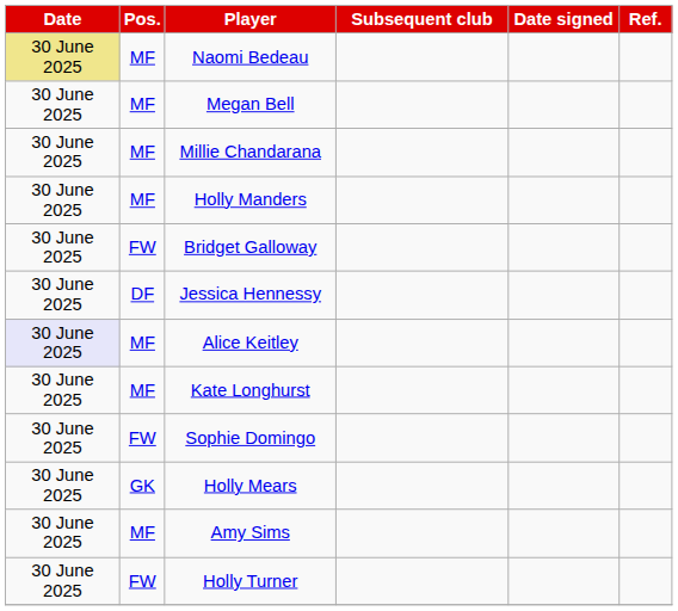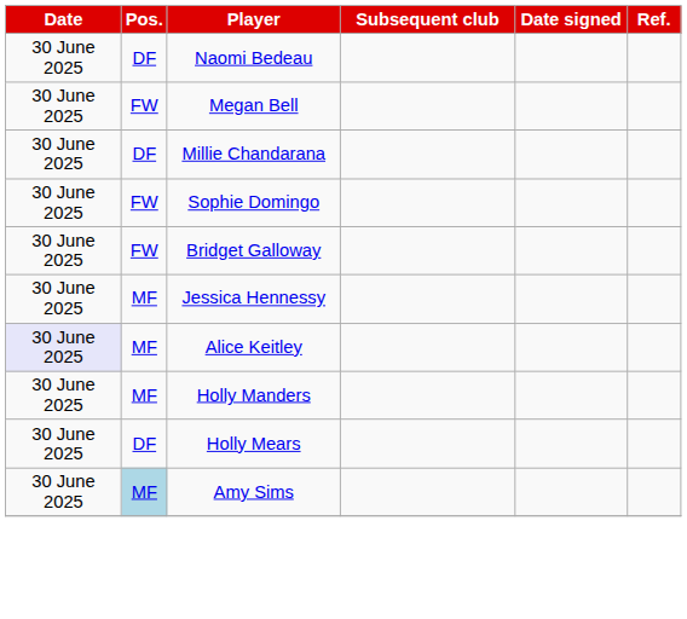 <table class="wikitable" style="text-align:center;">
 <tr>
 <th style="background:#DD0000; color:#FFFFFF; width:150px;">Date</th>
 <th style="background:#DD0000; color:#FFFFFF; width:20px;">Pos.</th>
 <th style="background:#DD0000; color:#FFFFFF; width:200px;">Player</th>
 <th style="background:#DD0000; color:#FFFFFF; width:200px;">Subsequent club</th>
 <th style="background:#DD0000; color:#FFFFFF; width:130px;">Date signed</th>
 <th style="background:#DD0000; color:#FFFFFF; width:50px;">Ref.</th>
 </tr>
 <tr>
-<td style="background: khaki;">30 June 2025</td>
-<td><a href='#'>MF</a></td>
+<td>30 June 2025</td>
+<td><a href='#'>DF</a></td>
 <td><a href='#'>Naomi Bedeau</a></td>
 <td></td>
 <td></td>
 <td></td>
 </tr>
 <tr>
 <td>30 June 2025</td>
-<td><a href='#'>MF</a></td>
+<td><a href='#'>FW</a></td>
 <td><a href='#'>Megan Bell</a></td>
 <td></td>
 <td></td>
 <td></td>
 </tr>
 <tr>
 <td>30 June 2025</td>
-<td><a href='#'>MF</a></td>
+<td><a href='#'>DF</a></td>
 <td><a href='#'>Millie Chandarana</a></td>
 <td></td>
 <td></td>
 <td></td>
 </tr>
 <tr>
 <td>30 June 2025</td>
-<td><a href='#'>MF</a></td>
-<td><a href='#'>Holly Manders</a></td>
+<td><a href='#'>FW</a></td>
+<td><a href='#'>Sophie Domingo</a></td>
 <td></td>
 <td></td>
 <td></td>
 </tr>
 <tr>
 <td>30 June 2025</td>
 <td><a href='#'>FW</a></td>
 <td><a href='#'>Bridget Galloway</a></td>
 <td></td>
 <td></td>
 <td></td>
 </tr>
 <tr>
 <td>30 June 2025</td>
-<td><a href='#'>DF</a></td>
+<td><a href='#'>MF</a></td>
 <td><a href='#'>Jessica Hennessy</a></td>
 <td></td>
 <td></td>
 <td></td>
 </tr>
 <tr>
 <td style="background: lavender;">30 June 2025</td>
 <td><a href='#'>MF</a></td>
 <td><a href='#'>Alice Keitley</a></td>
 <td></td>
 <td></td>
 <td></td>
 </tr>
 <tr>
 <td>30 June 2025</td>
 <td><a href='#'>MF</a></td>
-<td><a href='#'>Kate Longhurst</a></td>
+<td><a href='#'>Holly Manders</a></td>
 <td></td>
 <td></td>
 <td></td>
 </tr>
 <tr>
 <td>30 June 2025</td>
-<td><a href='#'>FW</a></td>
-<td><a href='#'>Sophie Domingo</a></td>
-<td></td>
-<td></td>
-<td></td>
-</tr>
-<tr>
-<td>30 June 2025</td>
-<td><a href='#'>GK</a></td>
+<td><a href='#'>DF</a></td>
 <td><a href='#'>Holly Mears</a></td>
 <td></td>
 <td></td>
 <td></td>
 </tr>
 <tr>
 <td>30 June 2025</td>
-<td><a href='#'>MF</a></td>
+<td style="background: lightblue;"><a href='#'>MF</a></td>
 <td><a href='#'>Amy Sims</a></td>
-<td></td>
-<td></td>
-<td></td>
-</tr>
-<tr>
-<td>30 June 2025</td>
-<td><a href='#'>FW</a></td>
-<td><a href='#'>Holly Turner</a></td>
 <td></td>
 <td></td>
 <td></td>
 </tr>
 <tr>
 </tr>
 </table>
